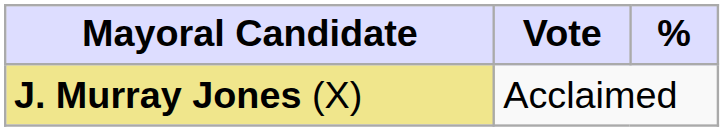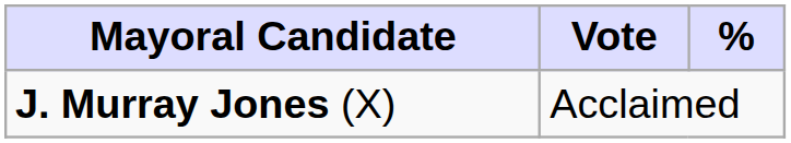 <table class="wikitable">
 <tr>
 <th style="background:#ddf; width:200px;">Mayoral Candidate</th>
 <th style="background:#ddf; width:50px;">Vote</th>
 <th style="background:#ddf; width:30px;">%</th>
 </tr>
 <tr>
-<td style="background: khaki;"><strong>J. Murray Jones</strong> (X)</td>
+<td><strong>J. Murray Jones</strong> (X)</td>
 <td colspan="2">Acclaimed</td>
 </tr>
 </table>
